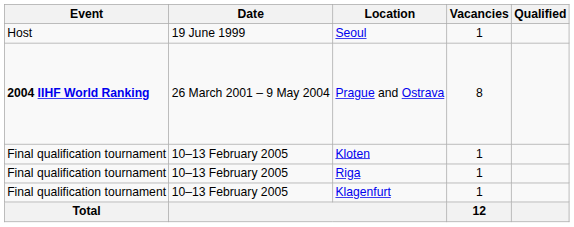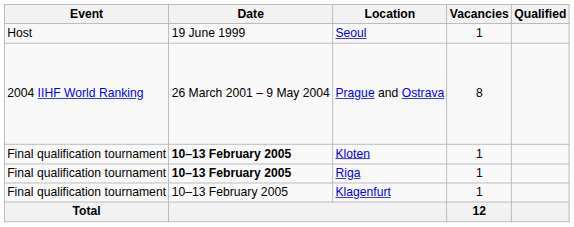 <table class="wikitable">
 <tr>
 <th>Event</th>
 <th>Date</th>
 <th>Location</th>
 <th>Vacancies</th>
 <th>Qualified</th>
 </tr>
 <tr>
 <td>Host</td>
 <td>19 June 1999</td>
 <td> <a href='#'>Seoul</a></td>
 <td align=center>1</td>
 <td></td>
 </tr>
 <tr>
-<td><strong>2004 <a href='#'>IIHF World Ranking</a></strong></td>
+<td>2004 <a href='#'>IIHF World Ranking</a></td>
 <td>26 March 2001 – 9 May 2004</td>
 <td> <a href='#'>Prague</a> and <a href='#'>Ostrava</a></td>
 <td align=center>8</td>
 <td><br><br><br><br><br><br><br></td>
 </tr>
 <tr>
 <td>Final qualification tournament</td>
-<td>10–13 February 2005</td>
+<td><strong>10–13 February 2005</strong></td>
 <td> <a href='#'>Kloten</a></td>
 <td align=center>1</td>
 <td></td>
 </tr>
 <tr>
 <td>Final qualification tournament</td>
-<td>10–13 February 2005</td>
+<td><strong>10–13 February 2005</strong></td>
 <td> <a href='#'>Riga</a></td>
 <td align=center>1</td>
 <td></td>
 </tr>
 <tr>
 <td>Final qualification tournament</td>
 <td>10–13 February 2005</td>
 <td> <a href='#'>Klagenfurt</a></td>
 <td align=center>1</td>
 <td></td>
 </tr>
 <tr>
 <th>Total</th>
 <th colspan="2"></th>
 <th>12</th>
 <th></th>
 </tr>
 </table>
